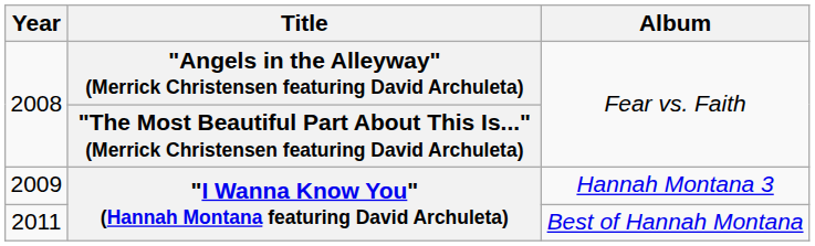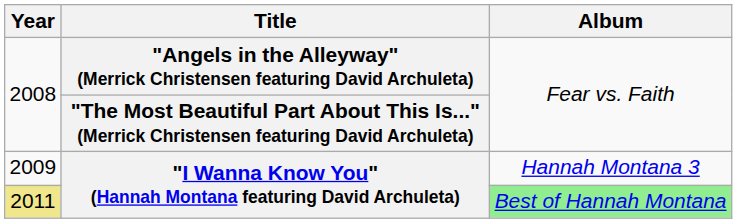 <table class="wikitable plainrowheaders" style="text-align:center;">
 <tr>
 <th scope="col" style="width:1em;">Year</th>
 <th scope="col" style="width:20em;">Title</th>
 <th scope="col">Album</th>
 </tr>
 <tr>
 <td rowspan="2">2008</td>
 <th scope="row">"Angels in the Alleyway"<br><small>(Merrick Christensen featuring David Archuleta)</small></th>
 <td rowspan="2"><em>Fear vs. Faith</em></td>
 </tr>
 <tr>
 <th scope="row">"The Most Beautiful Part About This Is..."<br><small>(Merrick Christensen featuring David Archuleta)</small></th>
 </tr>
 <tr>
 <td>2009</td>
 <th scope="row" rowspan="2">"<a href='#'>I Wanna Know You</a>"<br><small>(<a href='#'>Hannah Montana</a> featuring David Archuleta)</small></th>
 <td><em><a href='#'>Hannah Montana 3</a></em></td>
 </tr>
 <tr>
-<td>2011</td>
-<td><em><a href='#'>Best of Hannah Montana</a></em></td>
+<td style="background: khaki;">2011</td>
+<td style="background: lightgreen;"><em><a href='#'>Best of Hannah Montana</a></em></td>
 </tr>
 </table>
